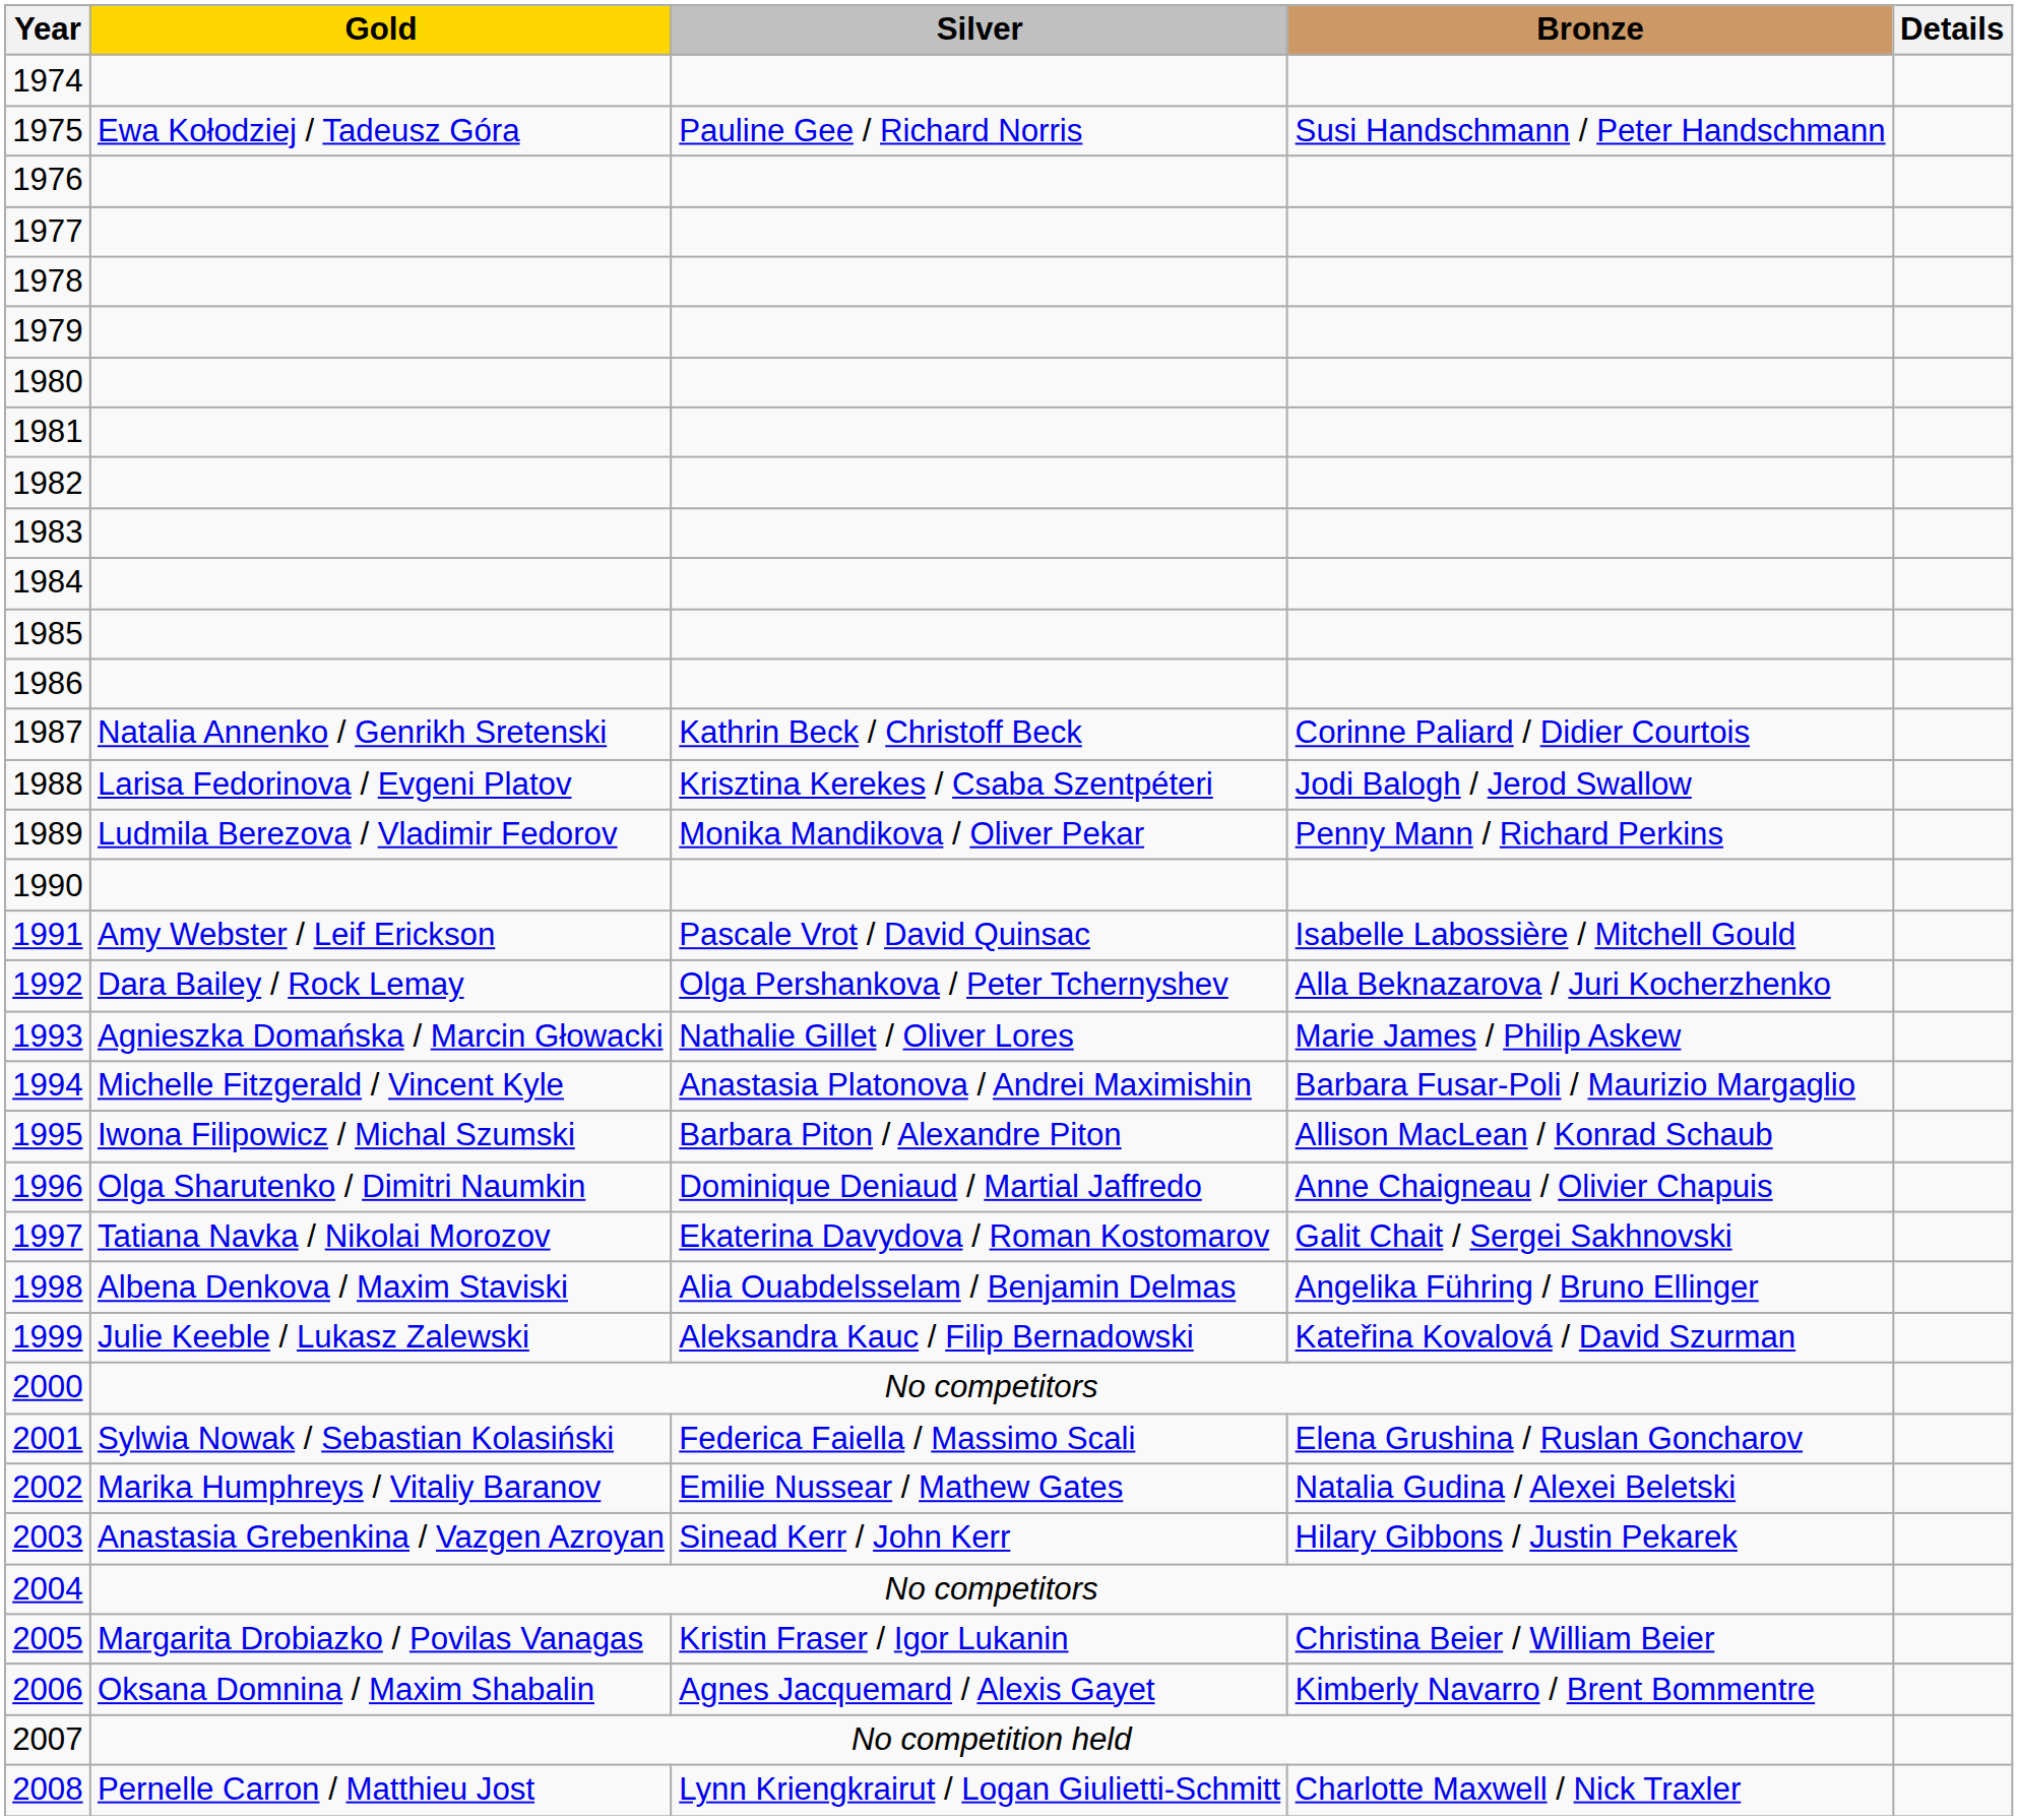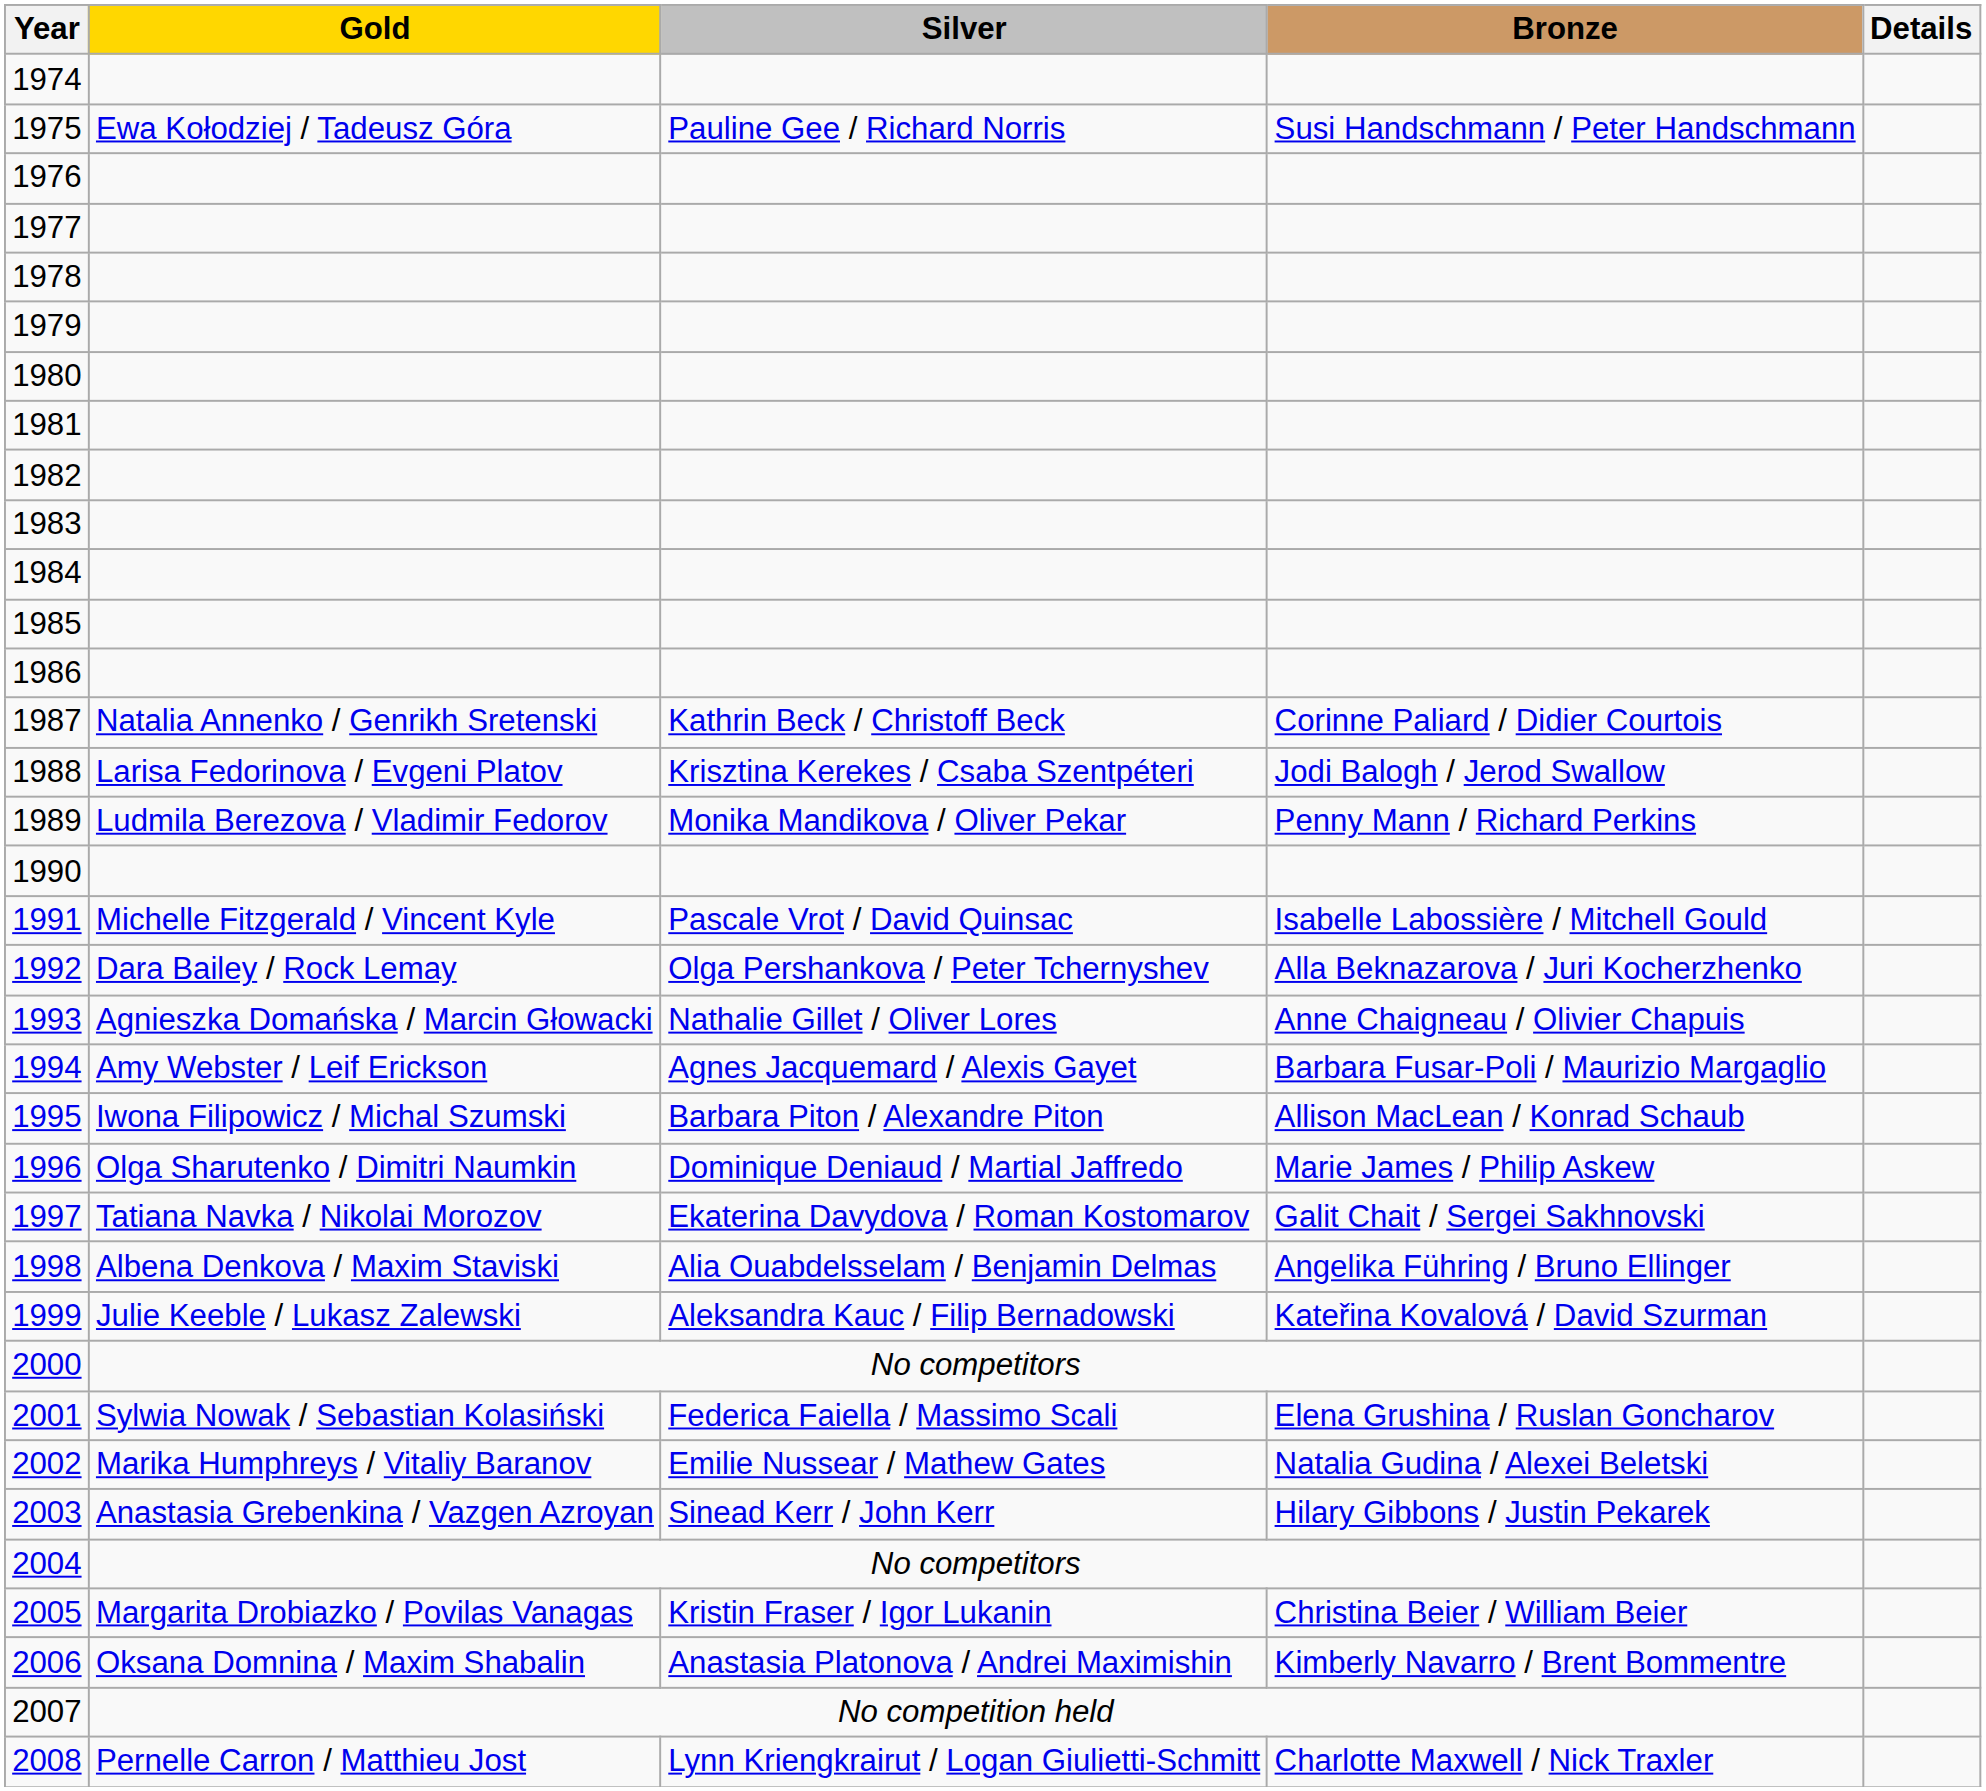 <table class="wikitable">
 <tr>
 <th>Year</th>
 <td align=center bgcolor=gold><strong>Gold</strong></td>
 <td align=center bgcolor=silver><strong>Silver</strong></td>
 <td align=center bgcolor=cc9966><strong>Bronze</strong></td>
 <th>Details</th>
 </tr>
 <tr>
 <td>1974</td>
 <td></td>
 <td></td>
 <td></td>
 <td></td>
 </tr>
 <tr>
 <td>1975</td>
 <td> <a href='#'>Ewa Kołodziej</a> / <a href='#'>Tadeusz Góra</a></td>
 <td> <a href='#'>Pauline Gee</a> / <a href='#'>Richard Norris</a></td>
 <td> <a href='#'>Susi Handschmann</a> / <a href='#'>Peter Handschmann</a></td>
 <td></td>
 </tr>
 <tr>
 <td>1976</td>
 <td></td>
 <td></td>
 <td></td>
 <td></td>
 </tr>
 <tr>
 <td>1977</td>
 <td></td>
 <td></td>
 <td></td>
 <td></td>
 </tr>
 <tr>
 <td>1978</td>
 <td></td>
 <td></td>
 <td></td>
 <td></td>
 </tr>
 <tr>
 <td>1979</td>
 <td></td>
 <td></td>
 <td></td>
 <td></td>
 </tr>
 <tr>
 <td>1980</td>
 <td></td>
 <td></td>
 <td></td>
 <td></td>
 </tr>
 <tr>
 <td>1981</td>
 <td></td>
 <td></td>
 <td></td>
 <td></td>
 </tr>
 <tr>
 <td>1982</td>
 <td></td>
 <td></td>
 <td></td>
 <td></td>
 </tr>
 <tr>
 <td>1983</td>
 <td></td>
 <td></td>
 <td></td>
 <td></td>
 </tr>
 <tr>
 <td>1984</td>
 <td></td>
 <td></td>
 <td></td>
 <td></td>
 </tr>
 <tr>
 <td>1985</td>
 <td></td>
 <td></td>
 <td></td>
 <td></td>
 </tr>
 <tr>
 <td 1986 Karl Schäfer Memorial>1986</td>
 <td></td>
 <td></td>
 <td></td>
 <td></td>
 </tr>
 <tr>
 <td>1987</td>
 <td> <a href='#'>Natalia Annenko</a> / <a href='#'>Genrikh Sretenski</a></td>
 <td> <a href='#'>Kathrin Beck</a> / <a href='#'>Christoff Beck</a></td>
 <td> <a href='#'>Corinne Paliard</a> / <a href='#'>Didier Courtois</a></td>
 <td></td>
 </tr>
 <tr>
 <td>1988</td>
 <td> <a href='#'>Larisa Fedorinova</a> / <a href='#'>Evgeni Platov</a></td>
 <td> <a href='#'>Krisztina Kerekes</a> / <a href='#'>Csaba Szentpéteri</a></td>
 <td> <a href='#'>Jodi Balogh</a> / <a href='#'>Jerod Swallow</a></td>
 <td></td>
 </tr>
 <tr>
 <td>1989</td>
 <td> <a href='#'>Ludmila Berezova</a> / <a href='#'>Vladimir Fedorov</a></td>
 <td> <a href='#'>Monika Mandikova</a> / <a href='#'>Oliver Pekar</a></td>
 <td> <a href='#'>Penny Mann</a> / <a href='#'>Richard Perkins</a></td>
 <td></td>
 </tr>
 <tr>
 <td>1990</td>
 <td></td>
 <td></td>
 <td></td>
 <td></td>
 </tr>
 <tr>
 <td><a href='#'>1991</a></td>
-<td> <a href='#'>Amy Webster</a> / <a href='#'>Leif Erickson</a></td>
+<td> <a href='#'>Michelle Fitzgerald</a> / <a href='#'>Vincent Kyle</a></td>
 <td> <a href='#'>Pascale Vrot</a> / <a href='#'>David Quinsac</a></td>
 <td> <a href='#'>Isabelle Labossière</a> / <a href='#'>Mitchell Gould</a></td>
 <td></td>
 </tr>
 <tr>
 <td><a href='#'>1992</a></td>
 <td> <a href='#'>Dara Bailey</a> / <a href='#'>Rock Lemay</a></td>
 <td> <a href='#'>Olga Pershankova</a> / <a href='#'>Peter Tchernyshev</a></td>
 <td> <a href='#'>Alla Beknazarova</a> / <a href='#'>Juri Kocherzhenko</a></td>
 <td></td>
 </tr>
 <tr>
 <td><a href='#'>1993</a></td>
 <td> <a href='#'>Agnieszka Domańska</a> / <a href='#'>Marcin Głowacki</a></td>
 <td> <a href='#'>Nathalie Gillet</a> / <a href='#'>Oliver Lores</a></td>
-<td> <a href='#'>Marie James</a> / <a href='#'>Philip Askew</a></td>
+<td> <a href='#'>Anne Chaigneau</a> / <a href='#'>Olivier Chapuis</a></td>
 <td></td>
 </tr>
 <tr>
 <td><a href='#'>1994</a></td>
-<td> <a href='#'>Michelle Fitzgerald</a> / <a href='#'>Vincent Kyle</a></td>
-<td> <a href='#'>Anastasia Platonova</a> / <a href='#'>Andrei Maximishin</a></td>
+<td> <a href='#'>Amy Webster</a> / <a href='#'>Leif Erickson</a></td>
+<td> <a href='#'>Agnes Jacquemard</a> / <a href='#'>Alexis Gayet</a></td>
 <td> <a href='#'>Barbara Fusar-Poli</a> / <a href='#'>Maurizio Margaglio</a></td>
 <td></td>
 </tr>
 <tr>
 <td><a href='#'>1995</a></td>
 <td> <a href='#'>Iwona Filipowicz</a> / <a href='#'>Michal Szumski</a></td>
 <td> <a href='#'>Barbara Piton</a> / <a href='#'>Alexandre Piton</a></td>
 <td> <a href='#'>Allison MacLean</a> / <a href='#'>Konrad Schaub</a></td>
 <td></td>
 </tr>
 <tr>
 <td><a href='#'>1996</a></td>
 <td> <a href='#'>Olga Sharutenko</a> / <a href='#'>Dimitri Naumkin</a></td>
 <td> <a href='#'>Dominique Deniaud</a> / <a href='#'>Martial Jaffredo</a></td>
-<td> <a href='#'>Anne Chaigneau</a> / <a href='#'>Olivier Chapuis</a></td>
+<td> <a href='#'>Marie James</a> / <a href='#'>Philip Askew</a></td>
 <td></td>
 </tr>
 <tr>
 <td><a href='#'>1997</a></td>
 <td> <a href='#'>Tatiana Navka</a> / <a href='#'>Nikolai Morozov</a></td>
 <td> <a href='#'>Ekaterina Davydova</a> / <a href='#'>Roman Kostomarov</a></td>
 <td> <a href='#'>Galit Chait</a> / <a href='#'>Sergei Sakhnovski</a></td>
 <td></td>
 </tr>
 <tr>
 <td><a href='#'>1998</a></td>
 <td> <a href='#'>Albena Denkova</a> / <a href='#'>Maxim Staviski</a></td>
 <td> <a href='#'>Alia Ouabdelsselam</a> / <a href='#'>Benjamin Delmas</a></td>
 <td> <a href='#'>Angelika Führing</a> / <a href='#'>Bruno Ellinger</a></td>
 <td></td>
 </tr>
 <tr>
 <td><a href='#'>1999</a></td>
 <td> <a href='#'>Julie Keeble</a> / <a href='#'>Lukasz Zalewski</a></td>
 <td> <a href='#'>Aleksandra Kauc</a> / <a href='#'>Filip Bernadowski</a></td>
 <td> <a href='#'>Kateřina Kovalová</a> / <a href='#'>David Szurman</a></td>
 <td></td>
 </tr>
 <tr>
 <td><a href='#'>2000</a></td>
 <td colspan=3 align=center><em>No competitors</em></td>
 <td></td>
 </tr>
 <tr>
 <td><a href='#'>2001</a></td>
 <td> <a href='#'>Sylwia Nowak</a> / <a href='#'>Sebastian Kolasiński</a></td>
 <td> <a href='#'>Federica Faiella</a> / <a href='#'>Massimo Scali</a></td>
 <td> <a href='#'>Elena Grushina</a> / <a href='#'>Ruslan Goncharov</a></td>
 <td></td>
 </tr>
 <tr>
 <td><a href='#'>2002</a></td>
 <td> <a href='#'>Marika Humphreys</a> / <a href='#'>Vitaliy Baranov</a></td>
 <td> <a href='#'>Emilie Nussear</a> / <a href='#'>Mathew Gates</a></td>
 <td> <a href='#'>Natalia Gudina</a> / <a href='#'>Alexei Beletski</a></td>
 <td></td>
 </tr>
 <tr>
 <td><a href='#'>2003</a></td>
 <td> <a href='#'>Anastasia Grebenkina</a> / <a href='#'>Vazgen Azroyan</a></td>
 <td> <a href='#'>Sinead Kerr</a> / <a href='#'>John Kerr</a></td>
 <td> <a href='#'>Hilary Gibbons</a> / <a href='#'>Justin Pekarek</a></td>
 <td></td>
 </tr>
 <tr>
 <td><a href='#'>2004</a></td>
 <td colspan=3 align=center><em>No competitors</em></td>
 <td></td>
 </tr>
 <tr>
 <td><a href='#'>2005</a></td>
 <td> <a href='#'>Margarita Drobiazko</a> / <a href='#'>Povilas Vanagas</a></td>
 <td> <a href='#'>Kristin Fraser</a> / <a href='#'>Igor Lukanin</a></td>
 <td> <a href='#'>Christina Beier</a> / <a href='#'>William Beier</a></td>
 <td></td>
 </tr>
 <tr>
 <td><a href='#'>2006</a></td>
 <td> <a href='#'>Oksana Domnina</a> / <a href='#'>Maxim Shabalin</a></td>
-<td> <a href='#'>Agnes Jacquemard</a> / <a href='#'>Alexis Gayet</a></td>
+<td> <a href='#'>Anastasia Platonova</a> / <a href='#'>Andrei Maximishin</a></td>
 <td> <a href='#'>Kimberly Navarro</a> / <a href='#'>Brent Bommentre</a></td>
 <td></td>
 </tr>
 <tr>
 <td>2007</td>
 <td colspan=3 align=center><em>No competition held</em></td>
 <td></td>
 </tr>
 <tr>
 <td><a href='#'>2008</a></td>
 <td> <a href='#'>Pernelle Carron</a> / <a href='#'>Matthieu Jost</a></td>
 <td> <a href='#'>Lynn Kriengkrairut</a> / <a href='#'>Logan Giulietti-Schmitt</a></td>
 <td> <a href='#'>Charlotte Maxwell</a> / <a href='#'>Nick Traxler</a></td>
 <td></td>
 </tr>
 </table>
